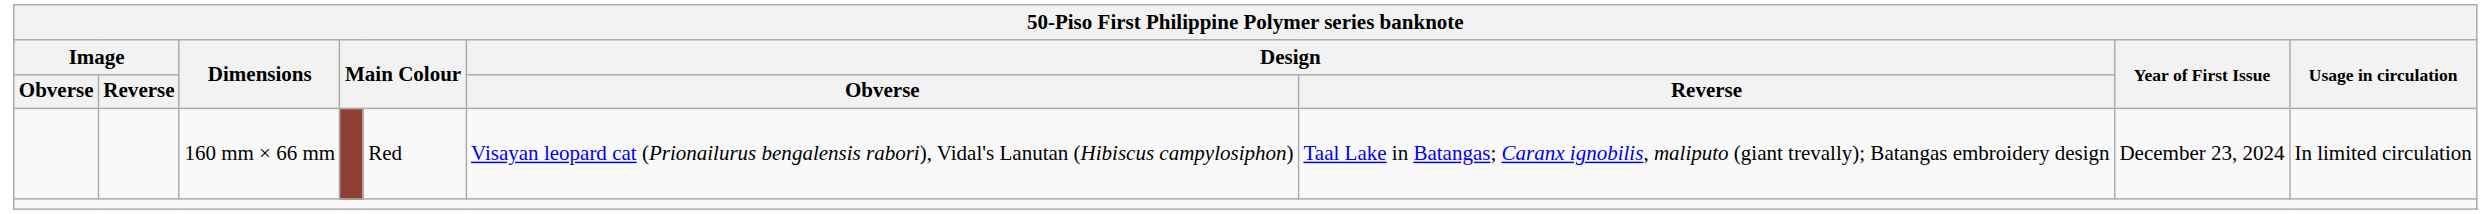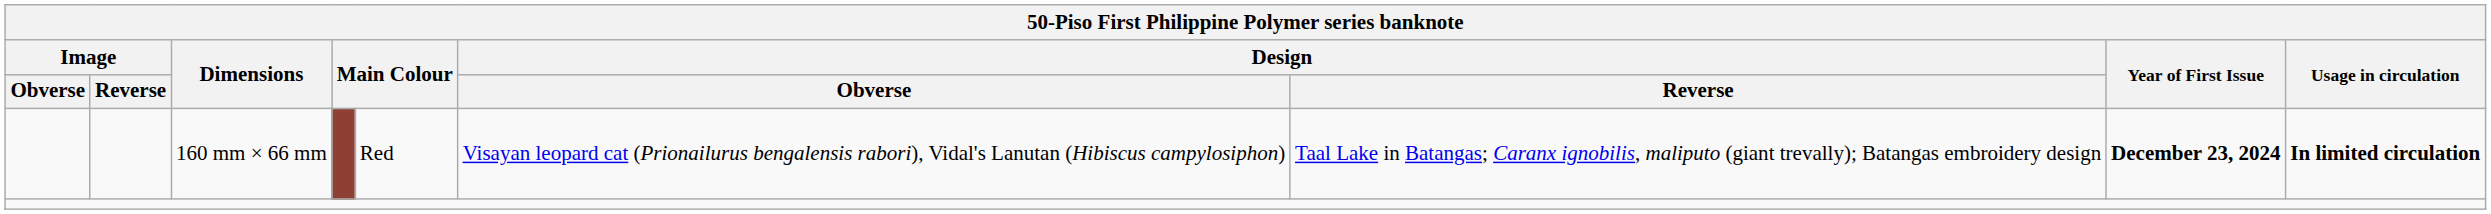 <table class="wikitable" style="margin:auto; font-size:90%;">
 <tr>
 <th colspan="9">50-Piso First Philippine Polymer series banknote</th>
 </tr>
 <tr>
 <th colspan="2">Image</th>
 <th rowspan="2">Dimensions</th>
 <th colspan="2" rowspan="2">Main Colour</th>
 <th colspan="2">Design</th>
 <th rowspan="2"><small>Year of First Issue</small></th>
 <th rowspan="2"><small>Usage in circulation</small></th>
 </tr>
 <tr>
 <th>Obverse</th>
 <th>Reverse</th>
 <th>Obverse</th>
 <th>Reverse</th>
 </tr>
 <tr style="height:62px">
 <td style="text-align:center;"></td>
 <td style="text-align:center;"></td>
 <td style="text-align:center;">160 mm × 66 mm</td>
 <td style="text-align:center; background:#8F4034;"></td>
 <td>Red</td>
 <td><a href='#'>Visayan leopard cat</a> (<em>Prionailurus bengalensis rabori</em>), Vidal's Lanutan (<em>Hibiscus campylosiphon</em>)</td>
 <td><a href='#'>Taal Lake</a> in <a href='#'>Batangas</a>; <em><a href='#'>Caranx ignobilis</a></em>, <em>maliputo</em> (giant trevally); Batangas embroidery design</td>
-<td>December 23, 2024</td>
-<td>In limited circulation</td>
+<td><strong>December 23, 2024</strong></td>
+<td><strong>In limited circulation</strong></td>
 </tr>
 <tr>
 <td colspan="9"></td>
 </tr>
 </table>
